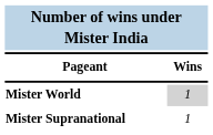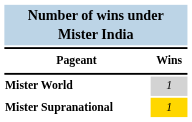 <table class="toccolours" style="width: 20em; float:right; margin-left:1em; font-size:80%; line-height:1.5em; width:23%;">
 <tr>
 <th colspan="2" align="center" style="background:#BCD4E6;"><big>Number of wins under<br>Mister India</big></th>
 </tr>
 <tr>
 <td colspan="2" style="background:black"></td>
 </tr>
 <tr>
 <th scope="col">Pageant</th>
 <th scope="col">Wins</th>
 </tr>
 <tr>
 <td colspan="2" style="background:black"></td>
 </tr>
 <tr>
 <td align="left"><strong>Mister World</strong></td>
 <td align="center" style="background: lightgrey;"><em>1</em></td>
 </tr>
 <tr>
 <td align="left"><strong>Mister Supranational</strong></td>
-<td align="center"><em>1</em></td>
+<td align="center" style="background: gold;"><em>1</em></td>
 </tr>
 </table>
